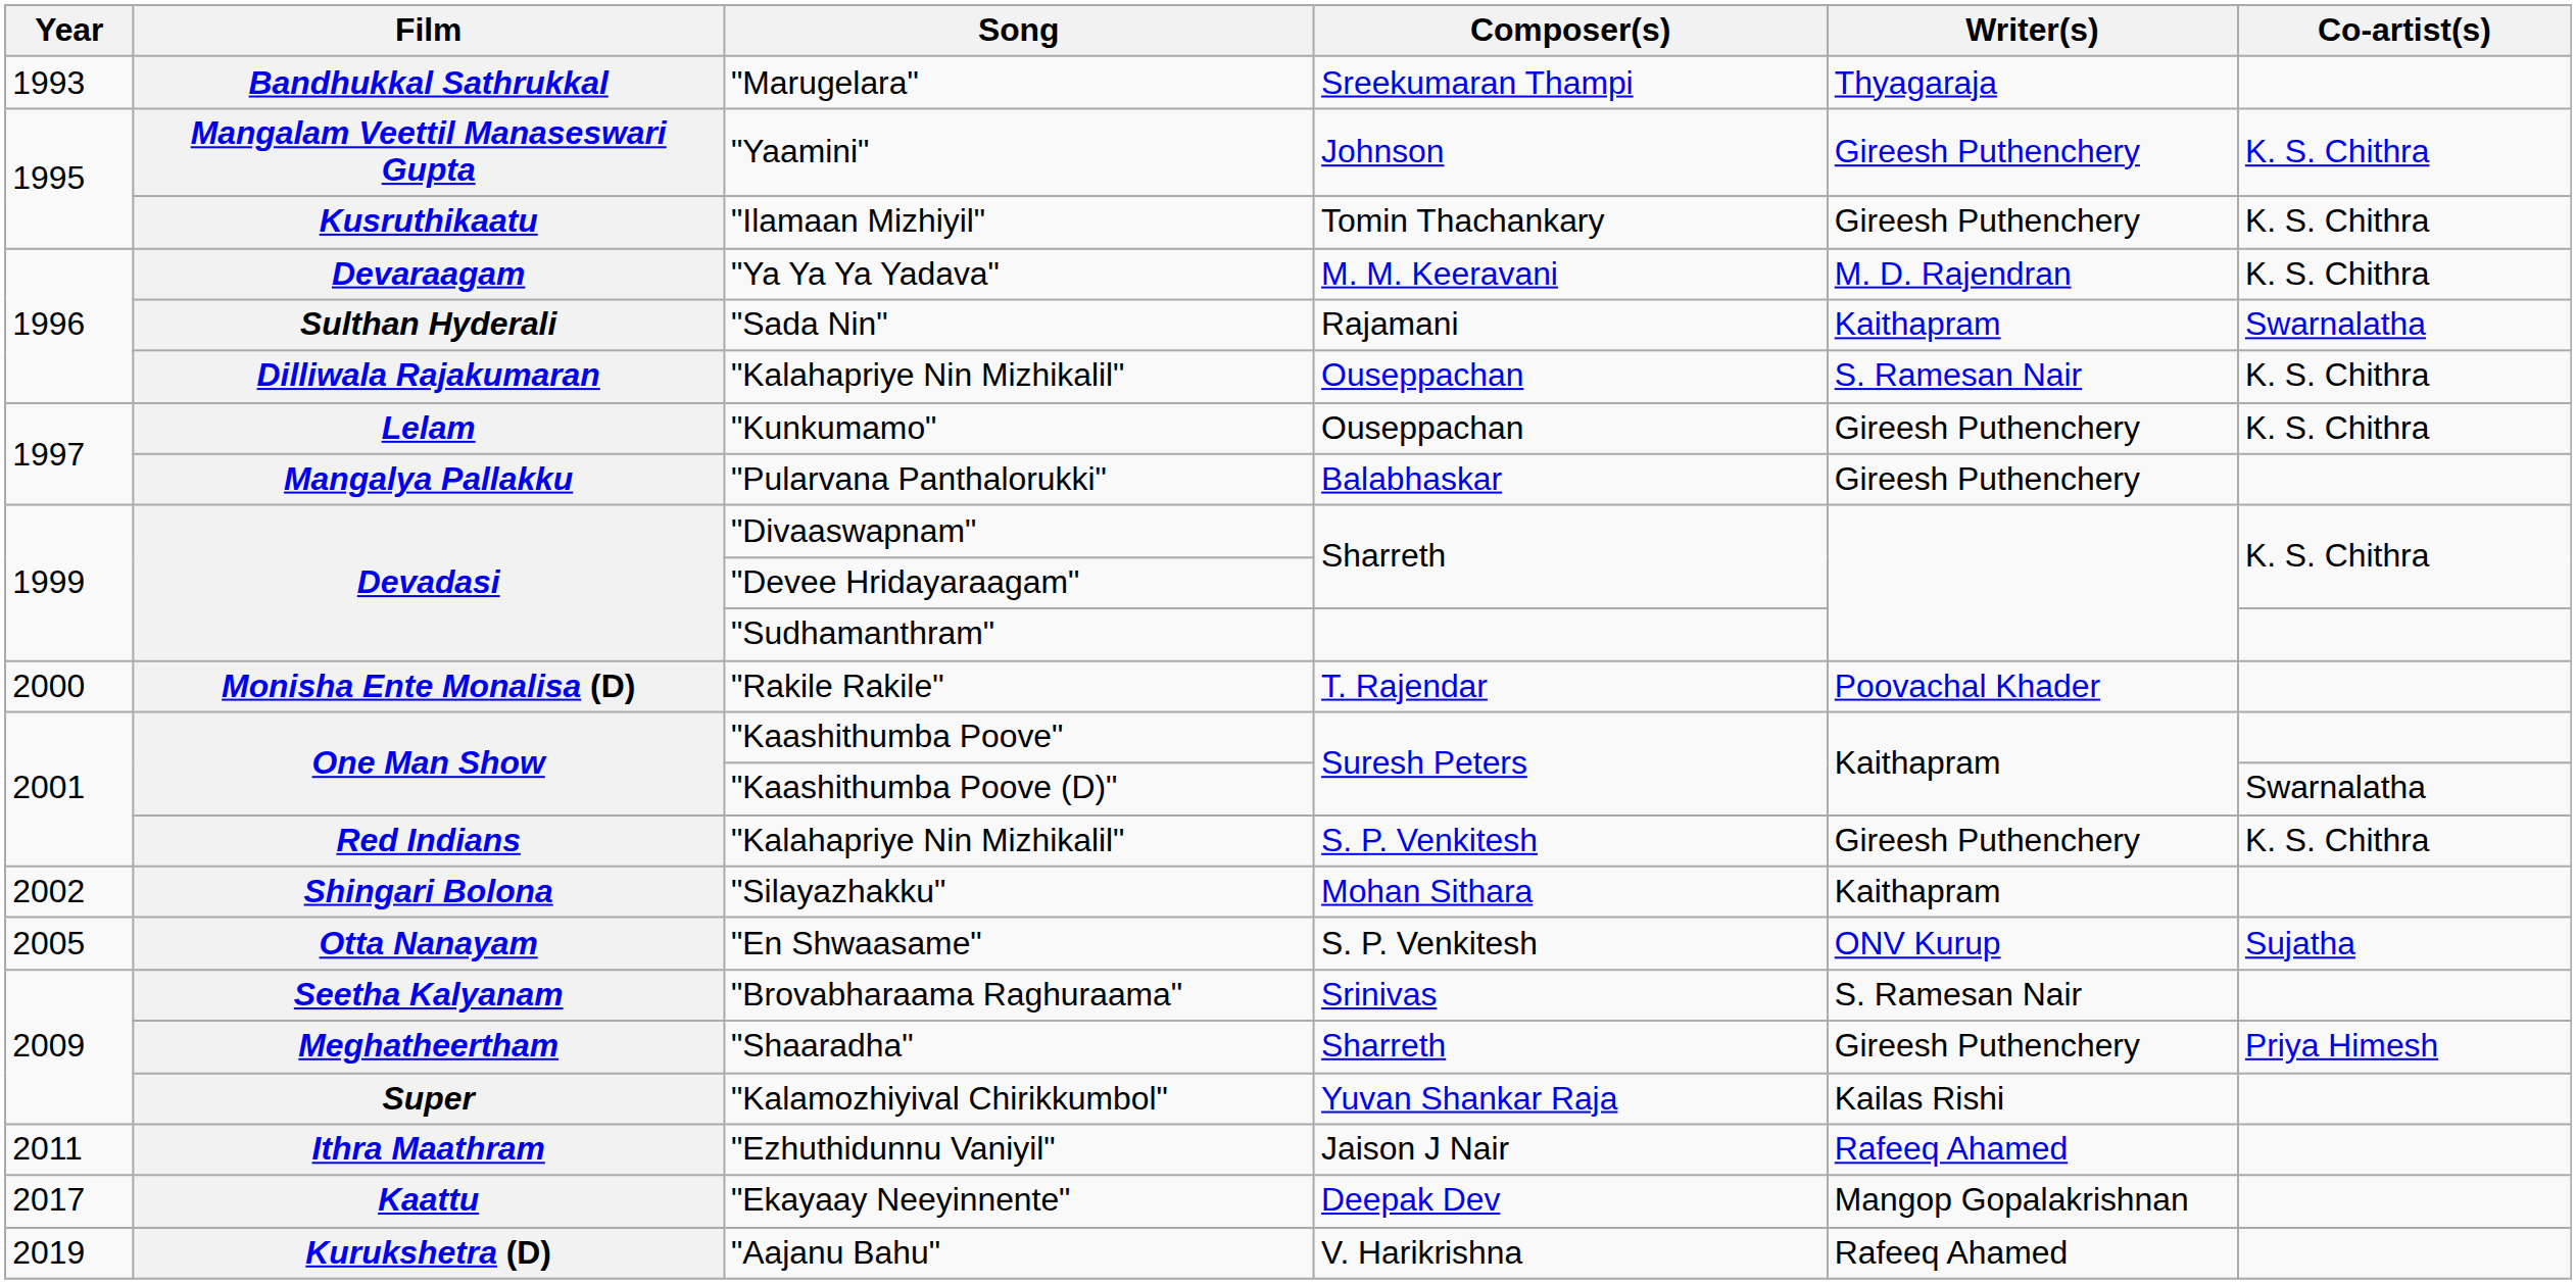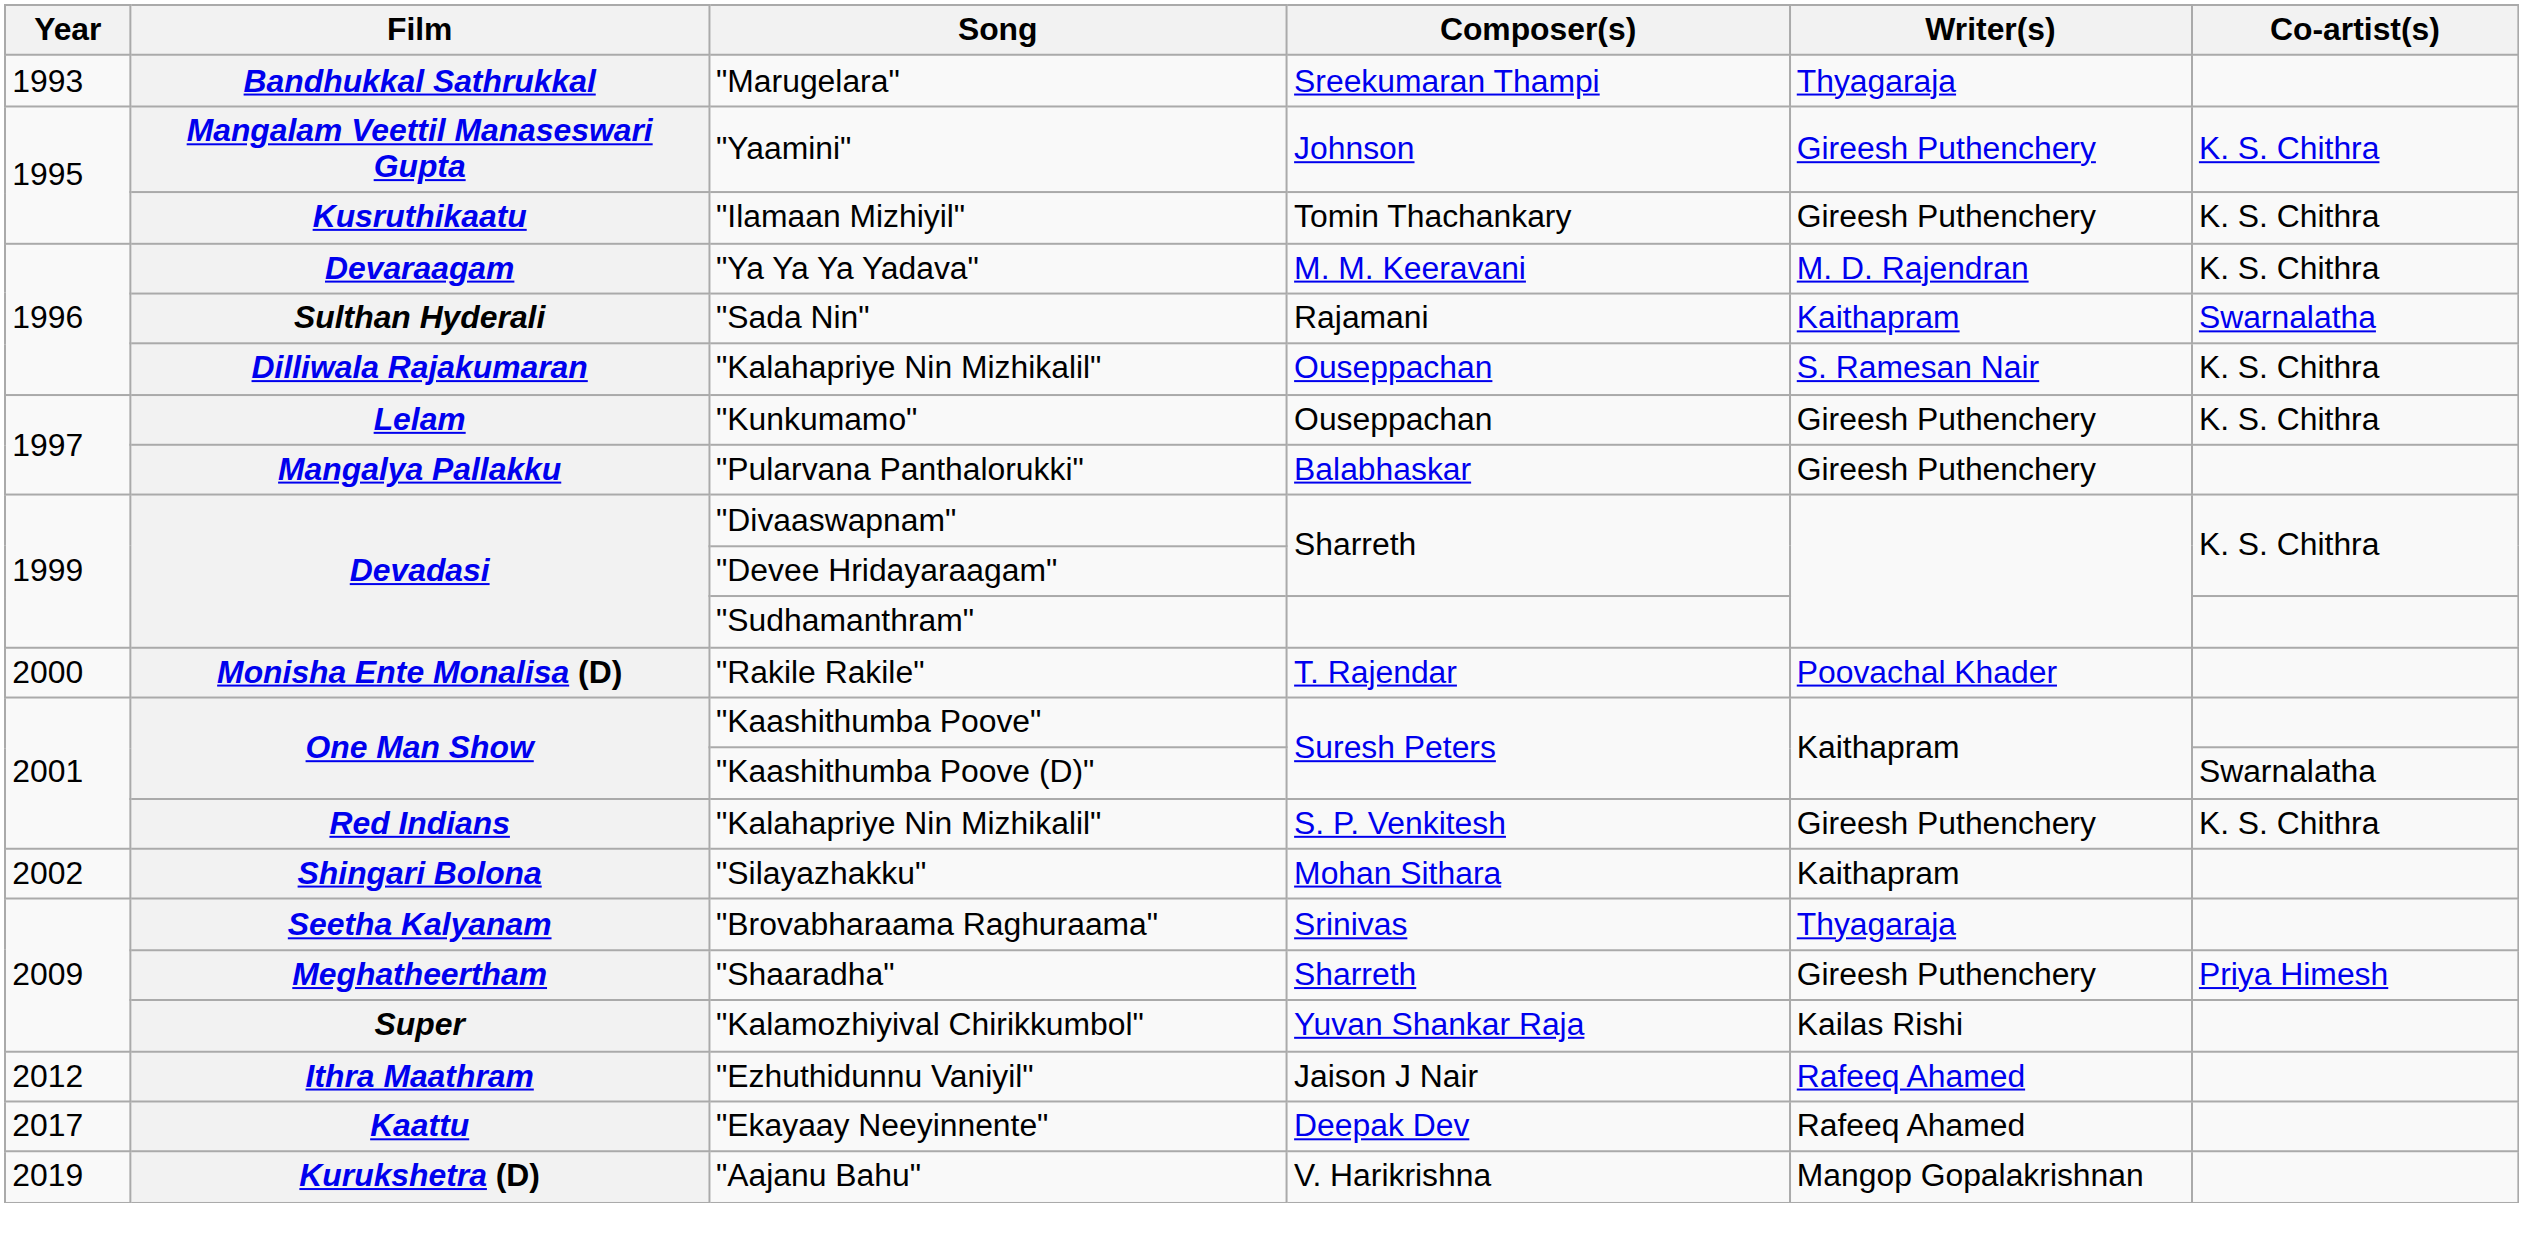 <table class="wikitable plainrowheaders" width="100%" textcolor:#000;">
 <tr style="background:#b0e0e66;">
 <th scope="col" width=5%><strong>Year</strong></th>
 <th scope="col" width=23%><strong>Film</strong></th>
 <th scope="col" width=23%><strong>Song</strong></th>
 <th scope="col" width=20%><strong>Composer(s)</strong></th>
 <th scope="col" width=16%><strong>Writer(s)</strong></th>
 <th scope="col" width=18%><strong>Co-artist(s)</strong></th>
 </tr>
 <tr>
 <td>1993</td>
 <th><em><a href='#'>Bandhukkal Sathrukkal</a></em></th>
 <td>"Marugelara"</td>
 <td><a href='#'>Sreekumaran Thampi</a></td>
 <td><a href='#'>Thyagaraja</a></td>
 <td></td>
 </tr>
 <tr>
 <td rowspan="2">1995</td>
 <th><em><a href='#'>Mangalam Veettil Manaseswari Gupta</a></em></th>
 <td>"Yaamini"</td>
 <td><a href='#'>Johnson</a></td>
 <td><a href='#'>Gireesh Puthenchery</a></td>
 <td><a href='#'>K. S. Chithra</a></td>
 </tr>
 <tr>
 <th><em><a href='#'>Kusruthikaatu</a></em></th>
 <td>"Ilamaan Mizhiyil"</td>
 <td>Tomin Thachankary</td>
 <td>Gireesh Puthenchery</td>
 <td>K. S. Chithra</td>
 </tr>
 <tr>
 <td rowspan="3">1996</td>
 <th><em><a href='#'>Devaraagam</a></em></th>
 <td>"Ya Ya Ya Yadava"</td>
 <td><a href='#'>M. M. Keeravani</a></td>
 <td><a href='#'>M. D. Rajendran</a></td>
 <td>K. S. Chithra</td>
 </tr>
 <tr>
 <th><em>Sulthan Hyderali</em></th>
 <td>"Sada Nin"</td>
 <td>Rajamani</td>
 <td><a href='#'>Kaithapram</a></td>
 <td><a href='#'>Swarnalatha</a></td>
 </tr>
 <tr>
 <th><em><a href='#'>Dilliwala Rajakumaran</a></em></th>
 <td>"Kalahapriye Nin Mizhikalil"</td>
 <td><a href='#'>Ouseppachan</a></td>
 <td><a href='#'>S. Ramesan Nair</a></td>
 <td>K. S. Chithra</td>
 </tr>
 <tr>
 <td rowspan="2">1997</td>
 <th><em><a href='#'>Lelam</a></em></th>
 <td>"Kunkumamo"</td>
 <td>Ouseppachan</td>
 <td>Gireesh Puthenchery</td>
 <td>K. S. Chithra</td>
 </tr>
 <tr>
 <th><em><a href='#'>Mangalya Pallakku</a></em></th>
 <td>"Pularvana Panthalorukki"</td>
 <td><a href='#'>Balabhaskar</a></td>
 <td>Gireesh Puthenchery</td>
 <td></td>
 </tr>
 <tr>
 <td rowspan="3">1999</td>
 <th rowspan="3"><em><a href='#'>Devadasi</a></em></th>
 <td>"Divaaswapnam"</td>
 <td rowspan="2">Sharreth</td>
 <td rowspan="3"></td>
 <td rowspan="2">K. S. Chithra</td>
 </tr>
 <tr>
 <td>"Devee Hridayaraagam"</td>
 </tr>
 <tr>
 <td>"Sudhamanthram"</td>
 <td></td>
 </tr>
 <tr>
 <td>2000</td>
 <th><em><a href='#'>Monisha Ente Monalisa</a></em> (D)</th>
 <td>"Rakile Rakile"</td>
 <td><a href='#'>T. Rajendar</a></td>
 <td><a href='#'>Poovachal Khader</a></td>
 <td></td>
 </tr>
 <tr>
 <td rowspan="3">2001</td>
 <th rowspan="2"><em><a href='#'>One Man Show</a></em></th>
 <td>"Kaashithumba Poove"</td>
 <td rowspan="2"><a href='#'>Suresh Peters</a></td>
 <td rowspan="2">Kaithapram</td>
 <td></td>
 </tr>
 <tr>
 <td>"Kaashithumba Poove (D)"</td>
 <td>Swarnalatha</td>
 </tr>
 <tr>
 <th><em><a href='#'>Red Indians</a></em></th>
 <td>"Kalahapriye Nin Mizhikalil"</td>
 <td><a href='#'>S. P. Venkitesh</a></td>
 <td>Gireesh Puthenchery</td>
 <td>K. S. Chithra</td>
 </tr>
 <tr>
 <td>2002</td>
 <th><em><a href='#'>Shingari Bolona</a></em></th>
 <td>"Silayazhakku"</td>
 <td><a href='#'>Mohan Sithara</a></td>
 <td>Kaithapram</td>
 <td></td>
 </tr>
 <tr>
-<td>2005</td>
-<th><em><a href='#'>Otta Nanayam</a></em></th>
-<td>"En Shwaasame"</td>
-<td>S. P. Venkitesh</td>
-<td><a href='#'>ONV Kurup</a></td>
-<td><a href='#'>Sujatha</a></td>
-</tr>
-<tr>
 <td rowspan="3">2009</td>
 <th><em><a href='#'>Seetha Kalyanam</a></em></th>
 <td>"Brovabharaama Raghuraama"</td>
 <td><a href='#'>Srinivas</a></td>
-<td>S. Ramesan Nair</td>
+<td><a href='#'>Thyagaraja</a></td>
 <td></td>
 </tr>
 <tr>
 <th><em><a href='#'>Meghatheertham</a></em></th>
 <td>"Shaaradha"</td>
 <td><a href='#'>Sharreth</a></td>
 <td>Gireesh Puthenchery</td>
 <td><a href='#'>Priya Himesh</a></td>
 </tr>
 <tr>
 <th><em>Super</em></th>
 <td>"Kalamozhiyival Chirikkumbol"</td>
 <td><a href='#'>Yuvan Shankar Raja</a></td>
 <td>Kailas Rishi</td>
 <td></td>
 </tr>
 <tr>
-<td>2011</td>
+<td>2012</td>
 <th><em><a href='#'>Ithra Maathram</a></em></th>
 <td>"Ezhuthidunnu Vaniyil"</td>
 <td>Jaison J Nair</td>
 <td><a href='#'>Rafeeq Ahamed</a></td>
 <td></td>
 </tr>
 <tr>
 <td>2017</td>
 <th><em><a href='#'>Kaattu</a></em></th>
 <td>"Ekayaay Neeyinnente"</td>
 <td><a href='#'>Deepak Dev</a></td>
-<td>Mangop Gopalakrishnan</td>
+<td>Rafeeq Ahamed</td>
 <td></td>
 </tr>
 <tr>
 <td>2019</td>
 <th><em><a href='#'>Kurukshetra</a></em> (D)</th>
 <td>"Aajanu Bahu"</td>
 <td>V. Harikrishna</td>
-<td>Rafeeq Ahamed</td>
+<td>Mangop Gopalakrishnan</td>
 <td></td>
 </tr>
 </table>
